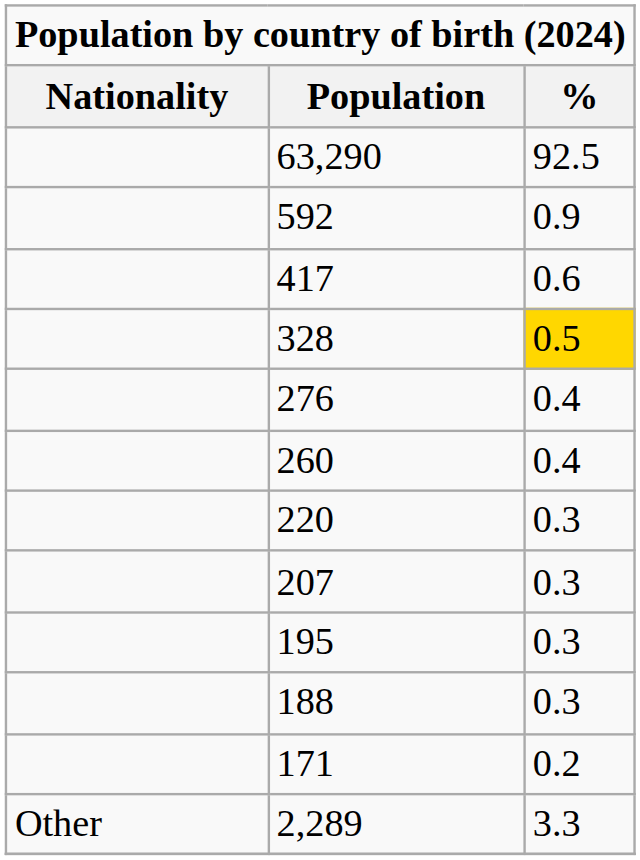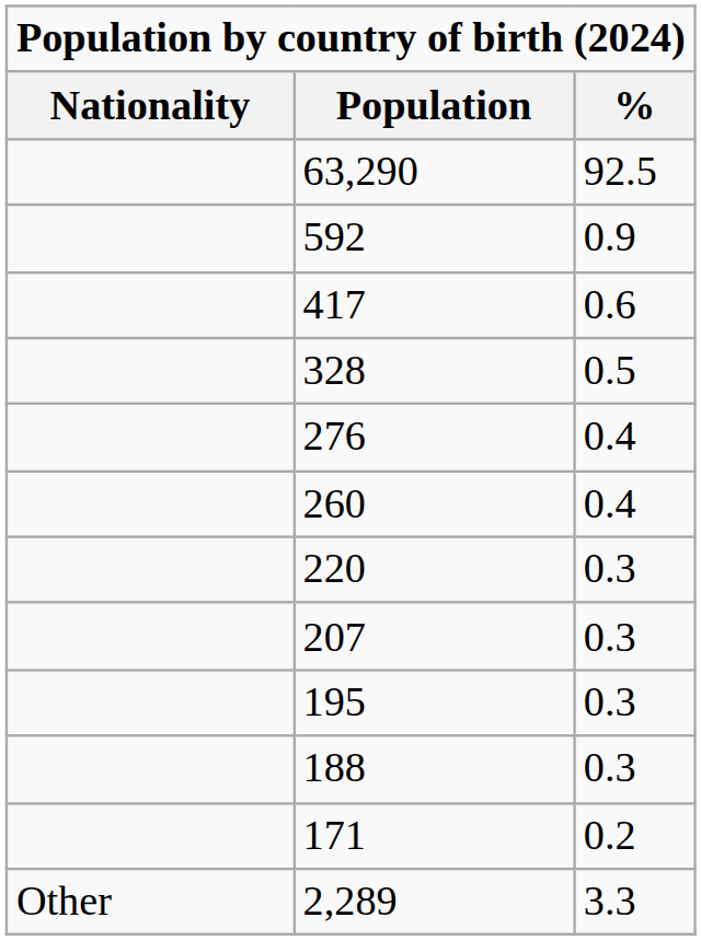 <table class="wikitable" style="float:right;">
 <tr>
 <td colspan="3"><strong>Population by country of birth (2024)</strong></td>
 </tr>
 <tr \>
 <th>Nationality</th>
 <th>Population</th>
 <th>%</th>
 </tr>
 <tr>
 <td></td>
 <td>63,290</td>
 <td>92.5</td>
 </tr>
 <tr>
 <td></td>
 <td>592</td>
 <td>0.9</td>
 </tr>
 <tr>
 <td></td>
 <td>417</td>
 <td>0.6</td>
 </tr>
 <tr>
 <td></td>
 <td>328</td>
-<td style="background: gold;">0.5</td>
+<td>0.5</td>
 </tr>
 <tr>
 <td></td>
 <td>276</td>
 <td>0.4</td>
 </tr>
 <tr>
 <td></td>
 <td>260</td>
 <td>0.4</td>
 </tr>
 <tr>
 <td></td>
 <td>220</td>
 <td>0.3</td>
 </tr>
 <tr>
 <td></td>
 <td>207</td>
 <td>0.3</td>
 </tr>
 <tr>
 <td></td>
 <td>195</td>
 <td>0.3</td>
 </tr>
 <tr>
 <td></td>
 <td>188</td>
 <td>0.3</td>
 </tr>
 <tr>
 <td></td>
 <td>171</td>
 <td>0.2</td>
 </tr>
 <tr>
 <td>Other</td>
 <td>2,289</td>
 <td>3.3</td>
 </tr>
 <tr>
 </tr>
 </table>
